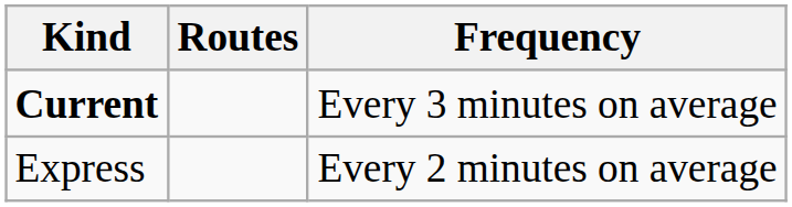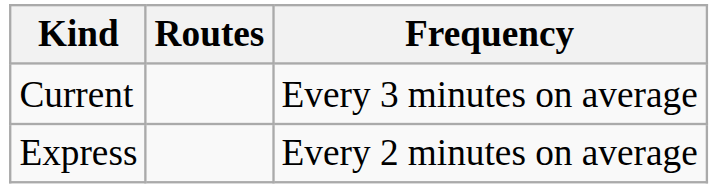 <table class="wikitable" style="margin-left: auto; margin-right: auto; border: none;">
 <tr>
 <th>Kind</th>
 <th>Routes</th>
 <th>Frequency</th>
 </tr>
 <tr>
-<td><strong>Current</strong></td>
+<td>Current</td>
 <td>  </td>
 <td>Every 3 minutes on average</td>
 </tr>
 <tr>
 <td>Express</td>
 <td>  </td>
 <td>Every 2 minutes on average</td>
 </tr>
 </table>
